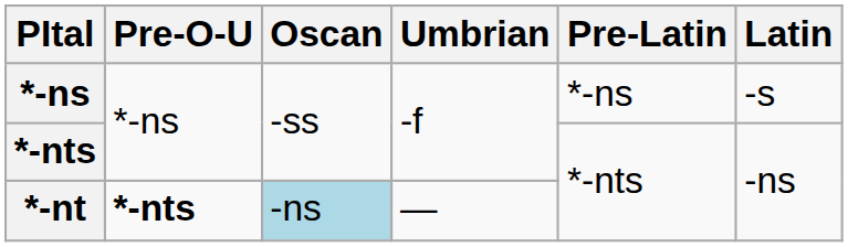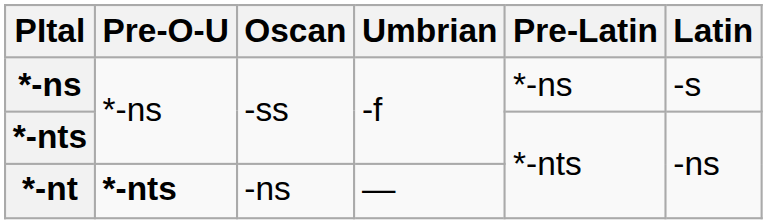 <table class="wikitable">
 <tr>
 <th>PItal</th>
 <th>Pre-O-U</th>
 <th>Oscan</th>
 <th>Umbrian</th>
 <th>Pre-Latin</th>
 <th>Latin</th>
 </tr>
 <tr>
 <th>*-ns</th>
 <td rowspan="2">*-ns</td>
 <td rowspan="2">-ss</td>
 <td rowspan="2">-f</td>
 <td>*-ns</td>
 <td>-s</td>
 </tr>
 <tr>
 <th>*-nts</th>
 <td rowspan="2">*-nts</td>
 <td rowspan="2">-ns</td>
 </tr>
 <tr>
 <th>*-nt</th>
 <td><strong>*-nts</strong></td>
-<td style="background: lightblue;">-ns</td>
+<td>-ns</td>
 <td>—</td>
 </tr>
 </table>
